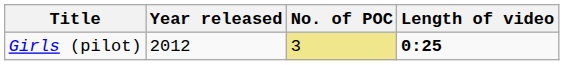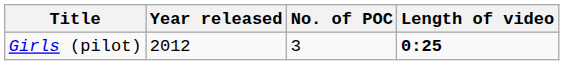 <table class="wikitable sortable">
 <tr>
 <th>Title</th>
 <th>Year released</th>
 <th>No. of POC</th>
 <th>Length of video<br></th>
 </tr>
 <tr>
 <td><em><a href='#'>Girls</a></em> (pilot)</td>
 <td rowspan="4">2012</td>
-<td style="background: khaki;">3</td>
+<td>3</td>
 <td><strong>0:25</strong></td>
 </tr>
 </table>
